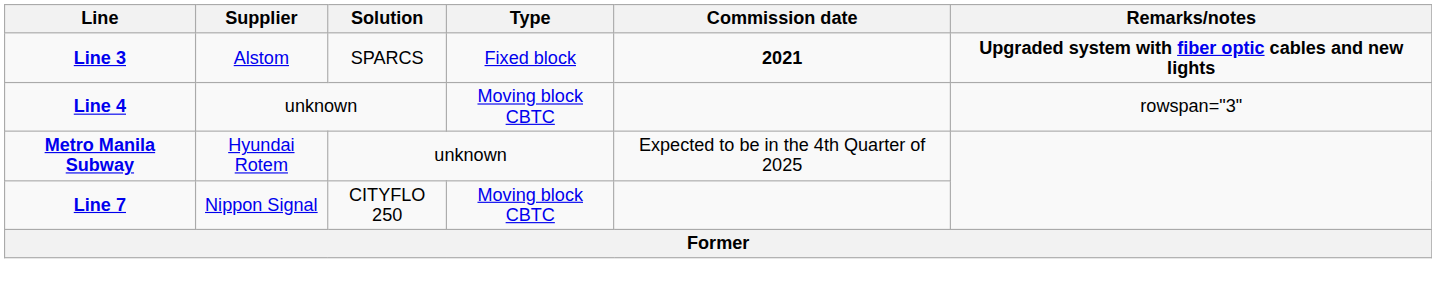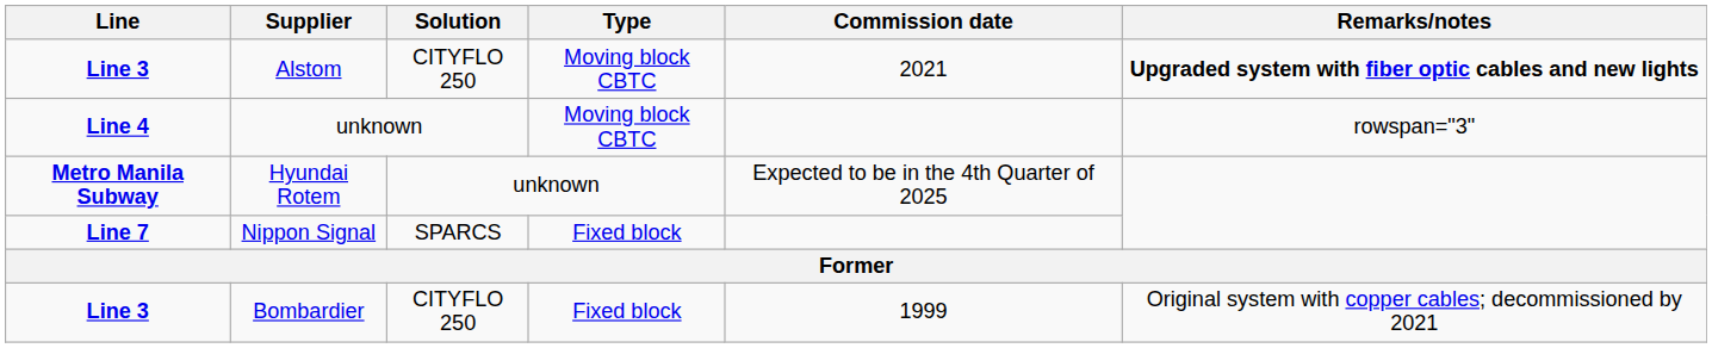 <table class="wikitable" style="margin:auto; font-align:center; text-align:center">
 <tr>
 <th>Line</th>
 <th>Supplier</th>
 <th>Solution</th>
 <th>Type</th>
 <th>Commission date</th>
 <th>Remarks/notes</th>
 </tr>
 <tr>
 <td style="background-color:#"><strong><a href='#'><span>Line 3</span></a></strong></td>
 <td><a href='#'>Alstom</a></td>
-<td>SPARCS</td>
-<td><a href='#'>Fixed block</a></td>
-<td><strong>2021</strong></td>
+<td>CITYFLO 250</td>
+<td><a href='#'>Moving block</a> <a href='#'>CBTC</a></td>
+<td>2021</td>
 <td><strong>Upgraded system with <a href='#'>fiber optic</a> cables and new lights</strong></td>
 </tr>
 <tr>
 <td style="background-color:#"><strong><a href='#'><span>Line 4</span></a></strong></td>
 <td colspan="2">unknown</td>
 <td><a href='#'>Moving block</a> <a href='#'>CBTC</a></td>
 <td></td>
 <td>rowspan="3" </td>
 </tr>
 <tr>
 <td style="background-color:#"><strong><a href='#'><span>Metro Manila Subway</span></a></strong></td>
 <td><a href='#'>Hyundai Rotem</a></td>
 <td colspan="2">unknown</td>
 <td>Expected to be in the 4th Quarter of 2025</td>
 </tr>
 <tr>
 <td style="background-color:#"><strong><a href='#'><span>Line 7</span></a></strong></td>
 <td><a href='#'>Nippon Signal</a></td>
-<td>CITYFLO 250</td>
-<td><a href='#'>Moving block</a> <a href='#'>CBTC</a></td>
+<td>SPARCS</td>
+<td><a href='#'>Fixed block</a></td>
 <td></td>
 </tr>
 <tr>
 <th colspan="6">Former</th>
 </tr>
+<tr>
+<td style="background-color:#"><strong><a href='#'><span>Line 3</span></a></strong></td>
+<td><a href='#'>Bombardier</a></td>
+<td>CITYFLO 250</td>
+<td><a href='#'>Fixed block</a></td>
+<td>1999</td>
+<td>Original system with <a href='#'>copper cables</a>; decommissioned by 2021</td>
+</tr>
 </table>
